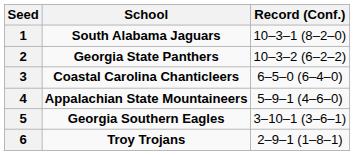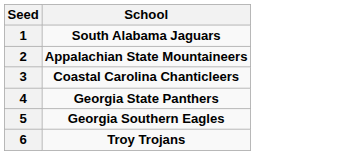 <table class="wikitable sortable" style="text-align:center; display: inline-table;">
 <tr>
 <th scope="col">Seed</th>
 <th scope="col">School</th>
-<th scope="col">Record (Conf.)</th>
 </tr>
 <tr>
 <th scope="row">1</th>
 <td style=><strong>South Alabama Jaguars</strong></td>
-<td>10–3–1 (8–2–0)</td>
 </tr>
 <tr>
 <th scope="row">2</th>
-<td style=><strong>Georgia State Panthers</strong></td>
-<td>10–3–2 (6–2–2)</td>
+<td style=><strong>Appalachian State Mountaineers</strong></td>
 </tr>
 <tr>
 <th scope="row">3</th>
 <td style=><strong>Coastal Carolina Chanticleers</strong></td>
-<td>6–5–0 (6–4–0)</td>
 </tr>
 <tr>
 <th scope="row">4</th>
-<td style=><strong>Appalachian State Mountaineers</strong></td>
-<td>5–9–1 (4–6–0)</td>
+<td style=><strong>Georgia State Panthers</strong></td>
 </tr>
 <tr>
 <th scope="row">5</th>
 <td style=><strong>Georgia Southern Eagles</strong></td>
-<td>3–10–1 (3–6–1)</td>
 </tr>
 <tr>
 <th scope="row">6</th>
 <td style=><strong>Troy Trojans</strong></td>
-<td>2–9–1 (1–8–1)</td>
 </tr>
 </table>
